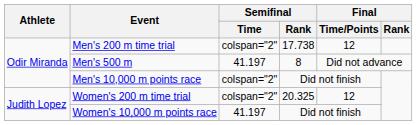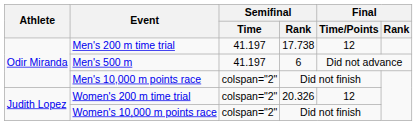 <table class="wikitable" border="1" style="font-size:90%">
 <tr>
 <th rowspan=2>Athlete</th>
 <th rowspan=2>Event</th>
 <th colspan=2>Semifinal</th>
 <th colspan=2>Final</th>
 </tr>
 <tr>
 <th>Time</th>
 <th>Rank</th>
 <th>Time/Points</th>
 <th>Rank</th>
 </tr>
 <tr align=center>
 <td rowspan="3" align=left><a href='#'>Odir Miranda</a></td>
 <td align=left><a href='#'>Men's 200 m time trial</a></td>
-<td>colspan="2" </td>
+<td>41.197</td>
 <td>17.738</td>
 <td>12</td>
 </tr>
 <tr align=center>
 <td align=left><a href='#'>Men's 500 m</a></td>
 <td>41.197</td>
-<td>8</td>
+<td>6</td>
 <td colspan="2">Did not advance</td>
 </tr>
 <tr align=center>
 <td align=left><a href='#'>Men's 10,000 m points race</a></td>
 <td>colspan="2" </td>
 <td colspan="2">Did not finish</td>
 </tr>
 <tr align=center>
 <td rowspan="2" align=left><a href='#'>Judith Lopez</a></td>
 <td align=left><a href='#'>Women's 200 m time trial</a></td>
 <td>colspan="2" </td>
-<td>20.325</td>
+<td>20.326</td>
 <td>12</td>
 </tr>
 <tr align=center>
 <td align=left><a href='#'>Women's 10,000 m points race</a></td>
-<td>41.197</td>
+<td>colspan="2" </td>
 <td colspan="2">Did not finish</td>
 </tr>
 </table>
